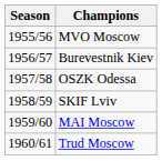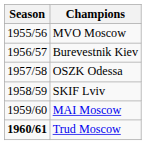 <table class="wikitable">
 <tr>
 <th>Season</th>
 <th>Champions</th>
 </tr>
 <tr>
 <td align="center">1955/56</td>
 <td>MVO Moscow</td>
 </tr>
 <tr>
 <td align="center">1956/57</td>
 <td>Burevestnik Kiev</td>
 </tr>
 <tr>
 <td align="center">1957/58</td>
 <td>OSZK Odessa</td>
 </tr>
 <tr>
 <td align="center">1958/59</td>
 <td>SKIF Lviv</td>
 </tr>
 <tr>
 <td align="center">1959/60</td>
 <td><a href='#'>MAI Moscow</a></td>
 </tr>
 <tr>
-<td align="center">1960/61</td>
+<td align="center"><strong>1960/61</strong></td>
 <td><a href='#'>Trud Moscow</a></td>
 </tr>
 </table>
